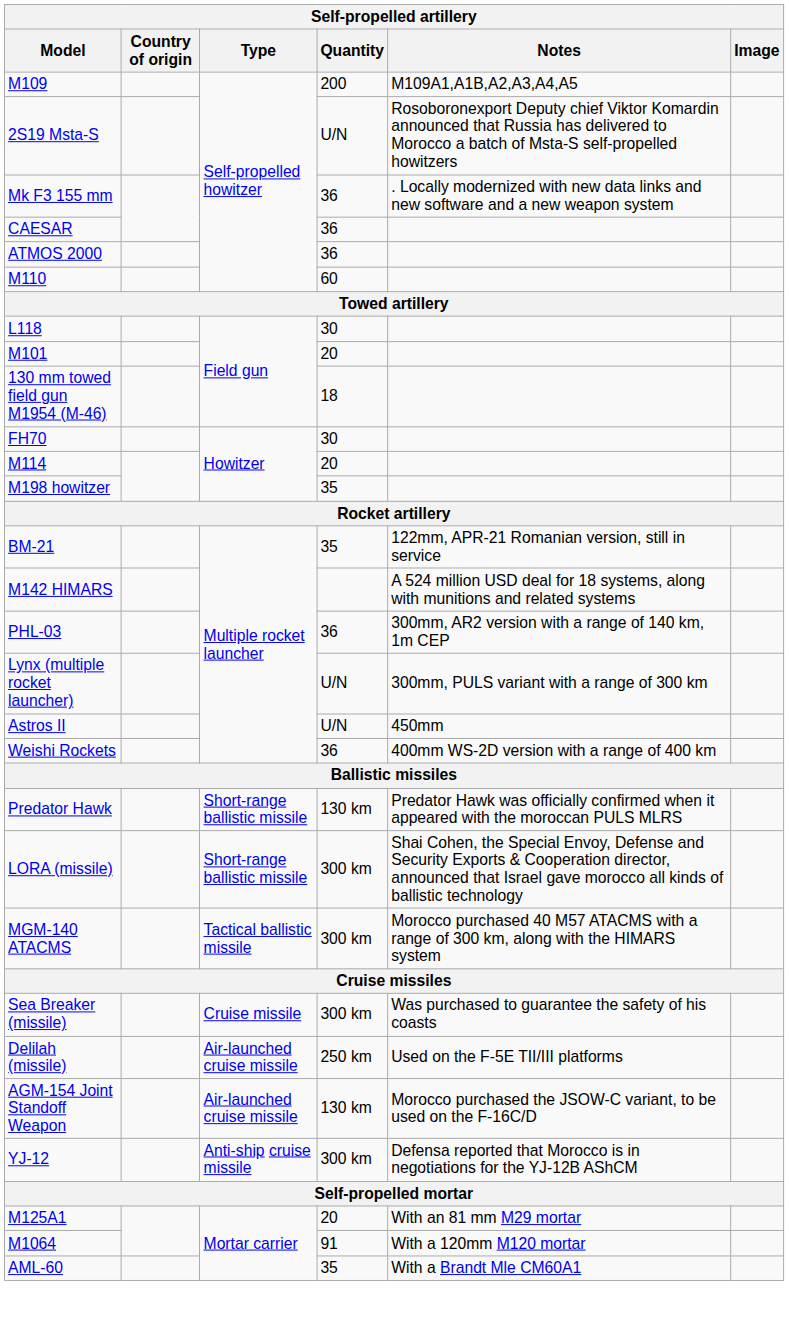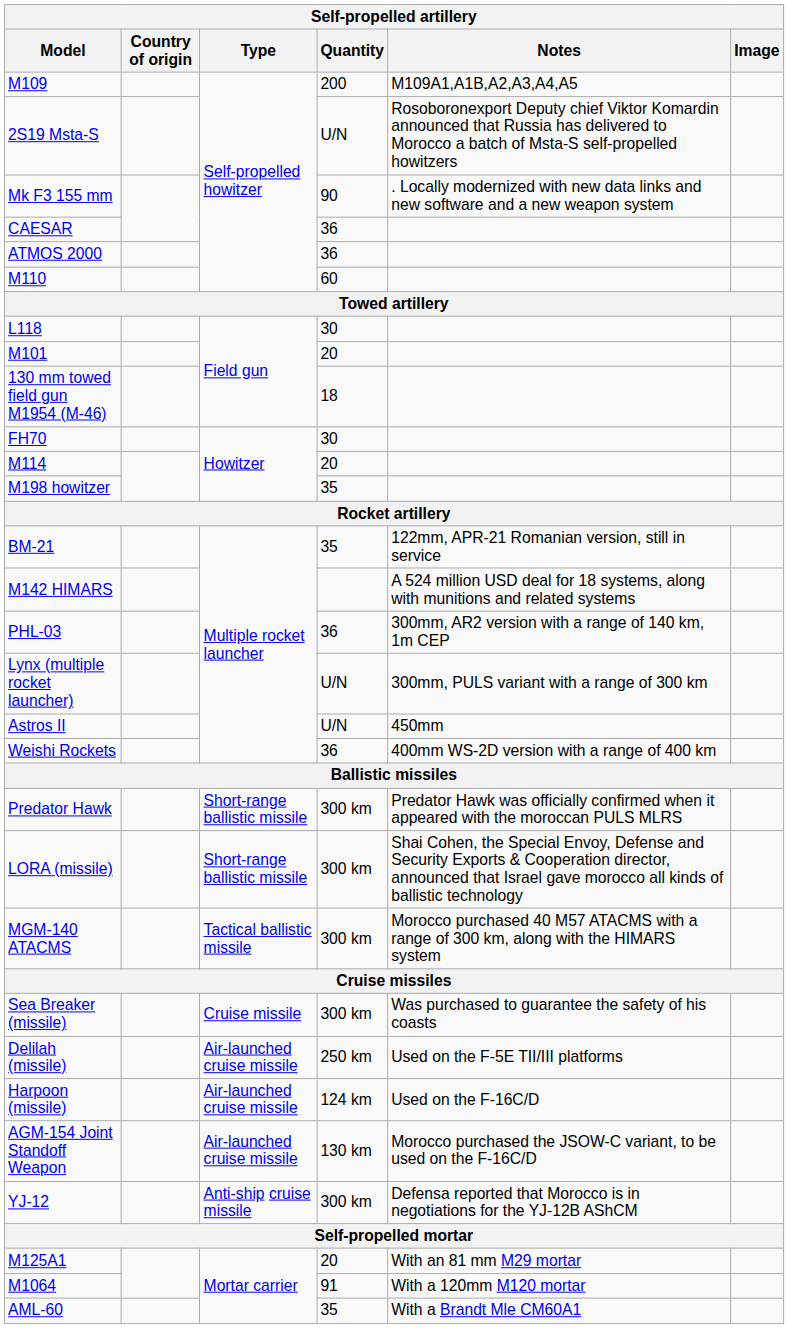 <table class="wikitable" width="90%">
 <tr>
 <th colspan="6" style="align: center;"><strong>Self-propelled artillery</strong></th>
 </tr>
 <tr>
 <th width="15%">Model</th>
 <th>Country of origin</th>
 <th width="15%">Type</th>
 <th width="7%">Quantity</th>
 <th>Notes</th>
 <th>Image</th>
 </tr>
 <tr>
 <td><a href='#'>M109</a></td>
 <td></td>
 <td rowspan="6"><a href='#'>Self-propelled howitzer</a></td>
 <td>200</td>
 <td>M109A1,A1B,A2,A3,A4,A5</td>
 <td></td>
 </tr>
 <tr>
 <td><a href='#'>2S19 Msta-S</a></td>
 <td></td>
 <td>U/N</td>
 <td>Rosoboronexport Deputy chief Viktor Komardin announced that Russia has delivered to Morocco a batch of Msta-S self-propelled howitzers<br></td>
 <td></td>
 </tr>
 <tr>
 <td><a href='#'>Mk F3 155 mm</a></td>
 <td rowspan="2"></td>
-<td>36</td>
+<td>90</td>
 <td>. Locally modernized with new data links and new software and a new weapon system</td>
 <td></td>
 </tr>
 <tr>
 <td><a href='#'>CAESAR</a></td>
 <td>36</td>
 <td></td>
 <td></td>
 </tr>
 <tr>
 <td><a href='#'>ATMOS 2000</a></td>
 <td></td>
 <td>36</td>
 <td></td>
 <td></td>
 </tr>
 <tr>
 <td><a href='#'>M110</a></td>
 <td></td>
 <td>60</td>
 <td></td>
 <td></td>
 </tr>
 <tr>
 <th colspan="6" style="align: center;"><strong>Towed artillery</strong></th>
 </tr>
 <tr>
 <td><a href='#'>L118</a></td>
 <td></td>
 <td rowspan="3"><a href='#'>Field gun</a></td>
 <td>30</td>
 <td></td>
 <td></td>
 </tr>
 <tr>
 <td><a href='#'>M101</a></td>
 <td></td>
 <td>20</td>
 <td></td>
 <td></td>
 </tr>
 <tr>
 <td><a href='#'>130 mm towed field gun M1954 (M-46)</a></td>
 <td></td>
 <td>18</td>
 <td></td>
 <td></td>
 </tr>
 <tr>
 <td><a href='#'>FH70</a></td>
 <td></td>
 <td rowspan="3"><a href='#'>Howitzer</a></td>
 <td>30</td>
 <td></td>
 <td></td>
 </tr>
 <tr>
 <td><a href='#'>M114</a></td>
 <td rowspan="2"></td>
 <td>20</td>
 <td></td>
 <td></td>
 </tr>
 <tr>
 <td><a href='#'>M198 howitzer</a></td>
 <td>35</td>
 <td></td>
 <td></td>
 </tr>
 <tr>
 <th colspan="6" style="align: center;"><strong>Rocket artillery</strong></th>
 </tr>
 <tr>
 <td><a href='#'>BM-21</a></td>
 <td></td>
 <td rowspan="6"><a href='#'>Multiple rocket launcher</a></td>
 <td>35</td>
 <td>122mm, APR-21 Romanian version, still in service</td>
 <td></td>
 </tr>
 <tr>
 <td><a href='#'>M142 HIMARS</a></td>
 <td></td>
 <td></td>
 <td>A 524 million USD deal for 18 systems, along with munitions and related systems </td>
 <td></td>
 </tr>
 <tr>
 <td><a href='#'>PHL-03</a></td>
 <td></td>
 <td>36</td>
 <td>300mm, AR2 version with a range of 140 km, 1m CEP </td>
 <td></td>
 </tr>
 <tr>
 <td><a href='#'>Lynx (multiple rocket launcher)</a></td>
 <td></td>
 <td>U/N</td>
 <td>300mm, PULS variant with a range of 300 km <br></td>
 <td></td>
 </tr>
 <tr>
 <td><a href='#'>Astros II</a></td>
 <td></td>
 <td>U/N</td>
 <td>450mm<br></td>
 <td></td>
 </tr>
 <tr>
 <td><a href='#'>Weishi Rockets</a></td>
 <td></td>
 <td>36</td>
 <td>400mm   WS-2D version with a range of 400 km</td>
 <td></td>
 </tr>
 <tr>
 <th colspan="6"><strong>Ballistic missiles</strong></th>
 </tr>
 <tr>
 <td><a href='#'>Predator Hawk</a></td>
 <td></td>
 <td><a href='#'>Short-range ballistic missile</a></td>
-<td>130 km</td>
+<td>300 km</td>
 <td>Predator Hawk was officially confirmed when it appeared with the moroccan PULS MLRS </td>
 <td></td>
 </tr>
 <tr>
 <td><a href='#'>LORA (missile)</a></td>
 <td></td>
 <td><a href='#'>Short-range ballistic missile</a></td>
 <td>300 km</td>
 <td>Shai Cohen, the Special Envoy, Defense and Security Exports & Cooperation director, announced that Israel gave morocco all kinds of ballistic technology </td>
 <td></td>
 </tr>
 <tr>
 <td><a href='#'>MGM-140 ATACMS</a></td>
 <td></td>
 <td><a href='#'>Tactical ballistic missile</a></td>
 <td>300 km</td>
 <td>Morocco purchased 40 M57 ATACMS with a range of 300 km, along with the HIMARS system </td>
 <td></td>
 </tr>
 <tr>
 <th colspan="6">Cruise missiles</th>
 </tr>
 <tr>
 <td><a href='#'>Sea Breaker (missile)</a></td>
 <td></td>
 <td><a href='#'>Cruise missile</a></td>
 <td>300 km</td>
 <td>Was purchased to guarantee the safety of his coasts </td>
 <td></td>
 </tr>
 <tr>
 <td><a href='#'>Delilah (missile)</a></td>
 <td></td>
 <td><a href='#'>Air-launched cruise missile</a></td>
 <td>250 km</td>
 <td>Used on the F-5E TII/III platforms <br> </td>
+<td></td>
+</tr>
+<tr>
+<td><a href='#'>Harpoon (missile)</a></td>
+<td></td>
+<td><a href='#'>Air-launched cruise missile</a></td>
+<td>124 km</td>
+<td>Used on the F-16C/D<br></td>
 <td></td>
 </tr>
 <tr>
 <td><a href='#'>AGM-154 Joint Standoff Weapon</a></td>
 <td></td>
 <td><a href='#'>Air-launched cruise missile</a></td>
 <td>130 km</td>
 <td>Morocco purchased the JSOW-C variant, to be used on the F-16C/D<br></td>
 <td></td>
 </tr>
 <tr>
 <td><a href='#'>YJ-12</a></td>
 <td></td>
 <td><a href='#'>Anti-ship</a> <a href='#'>cruise missile</a></td>
 <td>300 km</td>
 <td>Defensa reported that Morocco is in negotiations for the YJ-12B AShCM<br></td>
 <td></td>
 </tr>
 <tr>
 <th colspan="6" style="align: center;"><strong>Self-propelled mortar</strong></th>
 </tr>
 <tr>
 <td><a href='#'>M125A1</a></td>
 <td rowspan="2"></td>
 <td rowspan="3"><a href='#'>Mortar carrier</a></td>
 <td>20</td>
 <td>With an 81 mm <a href='#'>M29 mortar</a></td>
 <td></td>
 </tr>
 <tr>
 <td><a href='#'>M1064</a></td>
 <td>91</td>
 <td>With a 120mm <a href='#'>M120 mortar</a></td>
 <td></td>
 </tr>
 <tr>
 <td><a href='#'>AML-60</a></td>
 <td></td>
 <td>35</td>
 <td>With a <a href='#'>Brandt Mle CM60A1</a></td>
 <td></td>
 </tr>
 </table>
